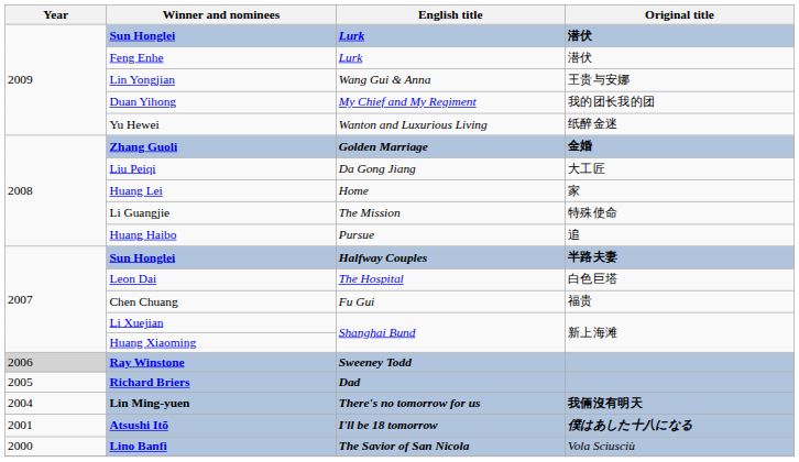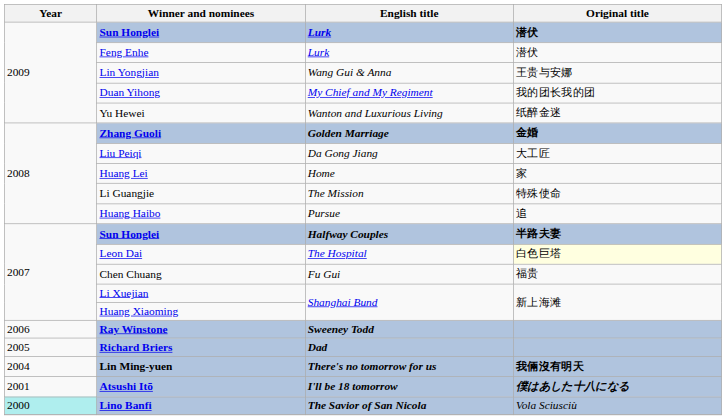 <table class="wikitable" width="80%">
 <tr>
 <th width="8%"><strong>Year</strong></th>
 <th width="18%"><strong>Winner and nominees</strong></th>
 <th width="18%"><strong>English title</strong></th>
 <th width="18%"><strong>Original title</strong></th>
 </tr>
 <tr>
 <td rowspan=5>2009</td>
 <td style="background:#B0C4DE;"><strong><a href='#'>Sun Honglei</a></strong></td>
 <td style="background:#B0C4DE;"><strong><em><a href='#'>Lurk</a></em></strong></td>
 <td style="background:#B0C4DE;"><strong>潜伏</strong></td>
 </tr>
 <tr>
 <td><a href='#'>Feng Enhe</a></td>
 <td><em><a href='#'>Lurk</a></em></td>
 <td>潜伏</td>
 </tr>
 <tr>
 <td><a href='#'>Lin Yongjian</a></td>
 <td><em>Wang Gui & Anna</em></td>
 <td>王贵与安娜</td>
 </tr>
 <tr>
 <td><a href='#'>Duan Yihong</a></td>
 <td><em><a href='#'>My Chief and My Regiment</a></em></td>
 <td>我的团长我的团</td>
 </tr>
 <tr>
 <td>Yu Hewei</td>
 <td><em>Wanton and Luxurious Living</em></td>
 <td>纸醉金迷</td>
 </tr>
 <tr>
 <td rowspan=5>2008</td>
 <td style="background:#B0C4DE;"><strong><a href='#'>Zhang Guoli</a></strong></td>
 <td style="background:#B0C4DE;"><strong><em>Golden Marriage </em></strong></td>
 <td style="background:#B0C4DE;"><strong>金婚</strong></td>
 </tr>
 <tr>
 <td><a href='#'>Liu Peiqi</a></td>
 <td><em>Da Gong Jiang</em></td>
 <td>大工匠</td>
 </tr>
 <tr>
 <td><a href='#'>Huang Lei</a></td>
 <td><em>Home</em></td>
 <td>家</td>
 </tr>
 <tr>
 <td>Li Guangjie</td>
 <td><em>The Mission</em></td>
 <td>特殊使命</td>
 </tr>
 <tr>
 <td><a href='#'>Huang Haibo</a></td>
 <td><em>Pursue</em></td>
 <td>追</td>
 </tr>
 <tr>
 <td rowspan=5>2007</td>
 <td style="background:#B0C4DE;"><strong><a href='#'>Sun Honglei</a></strong></td>
 <td style="background:#B0C4DE;"><strong><em>Halfway Couples</em></strong></td>
 <td style="background:#B0C4DE;"><strong>半路夫妻</strong></td>
 </tr>
 <tr>
 <td><a href='#'>Leon Dai</a></td>
 <td><em><a href='#'>The Hospital</a></em></td>
-<td>白色巨塔</td>
+<td style="background: lightyellow;">白色巨塔</td>
 </tr>
 <tr>
 <td>Chen Chuang</td>
 <td><em>Fu Gui</em></td>
 <td>福贵</td>
 </tr>
 <tr>
 <td><a href='#'>Li Xuejian</a></td>
 <td rowspan=2><em><a href='#'>Shanghai Bund</a></em></td>
 <td rowspan=2>新上海滩</td>
 </tr>
 <tr>
 <td><a href='#'>Huang Xiaoming</a></td>
 </tr>
 <tr>
-<td rowspan=1 style="background: lightgrey;">2006</td>
+<td rowspan=1>2006</td>
 <td style="background:#B0C4DE;"><strong><a href='#'>Ray Winstone</a></strong></td>
 <td style="background:#B0C4DE;"><strong><em>Sweeney Todd</em></strong></td>
 <td style="background:#B0C4DE;"></td>
 </tr>
 <tr>
 <td rowspan=1>2005</td>
 <td style="background:#B0C4DE;"><strong><a href='#'>Richard Briers</a></strong></td>
 <td style="background:#B0C4DE;"><strong><em>Dad</em></strong></td>
 <td style="background:#B0C4DE;"></td>
 </tr>
 <tr>
 <td rowspan=1>2004</td>
 <td style="background:#B0C4DE;"><strong>Lin Ming-yuen</strong></td>
 <td style="background:#B0C4DE;"><strong><em>There's no tomorrow for us</em></strong></td>
 <td style="background:#B0C4DE;"><strong>我倆沒有明天</strong></td>
 </tr>
 <tr>
 <td rowspan=1>2001</td>
 <td style="background:#B0C4DE;"><strong><a href='#'>Atsushi Itō</a></strong></td>
 <td style="background:#B0C4DE;"><strong><em>I'll be 18 tomorrow</em></strong></td>
 <td style="background:#B0C4DE;"><strong><em>僕はあした十八になる</em></strong></td>
 </tr>
 <tr>
-<td rowspan=1>2000</td>
+<td rowspan=1 style="background: paleturquoise;">2000</td>
 <td style="background:#B0C4DE;"><strong><a href='#'>Lino Banfi</a></strong></td>
 <td style="background:#B0C4DE;"><strong><em>The Savior of San Nicola</em></strong></td>
 <td style="background:#B0C4DE;"><em>Vola Sciusciù</em></td>
 </tr>
 <tr>
 </tr>
 </table>
